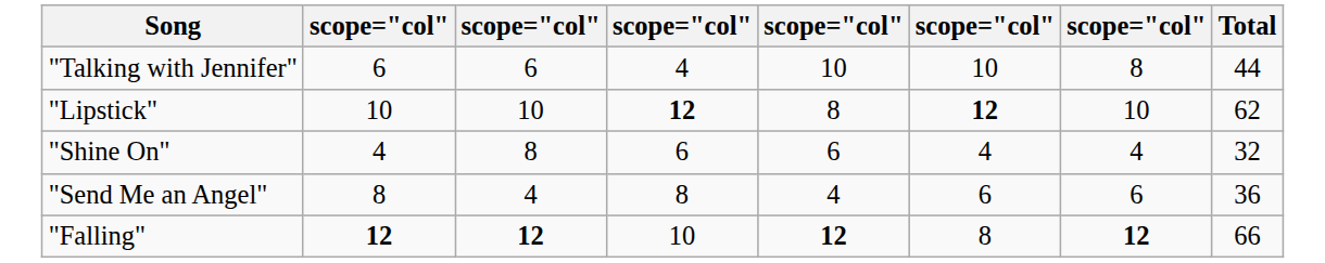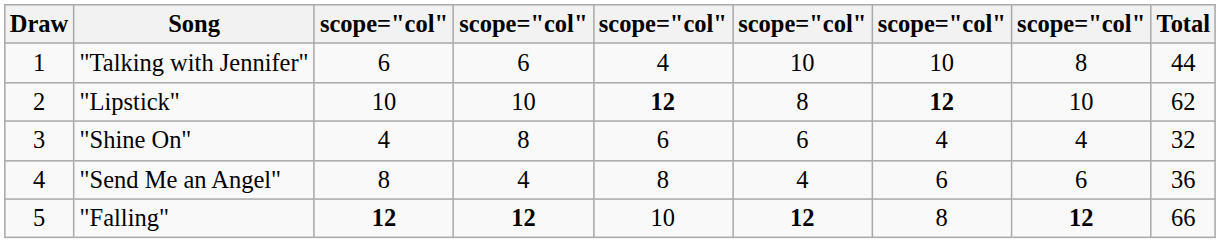 <table class="wikitable collapsible" style="margin: 1em auto 1em auto; text-align:center;">
 <tr>
+<th>Draw</th>
 <th>Song</th>
 <th>scope="col" </th>
 <th>scope="col" </th>
 <th>scope="col" </th>
 <th>scope="col" </th>
 <th>scope="col" </th>
 <th>scope="col" </th>
 <th>Total</th>
 </tr>
 <tr>
+<td>1</td>
 <td align="left">"Talking with Jennifer"</td>
 <td>6</td>
 <td>6</td>
 <td>4</td>
 <td>10</td>
 <td>10</td>
 <td>8</td>
 <td>44</td>
 </tr>
 <tr>
+<td>2</td>
 <td align="left">"Lipstick"</td>
 <td>10</td>
 <td>10</td>
 <td><strong>12</strong></td>
 <td>8</td>
 <td><strong>12</strong></td>
 <td>10</td>
 <td>62</td>
 </tr>
 <tr>
+<td>3</td>
 <td align="left">"Shine On"</td>
 <td>4</td>
 <td>8</td>
 <td>6</td>
 <td>6</td>
 <td>4</td>
 <td>4</td>
 <td>32</td>
 </tr>
 <tr>
+<td>4</td>
 <td align="left">"Send Me an Angel"</td>
 <td>8</td>
 <td>4</td>
 <td>8</td>
 <td>4</td>
 <td>6</td>
 <td>6</td>
 <td>36</td>
 </tr>
 <tr>
+<td>5</td>
 <td align="left">"Falling"</td>
 <td><strong>12</strong></td>
 <td><strong>12</strong></td>
 <td>10</td>
 <td><strong>12</strong></td>
 <td>8</td>
 <td><strong>12</strong></td>
 <td>66</td>
 </tr>
 </table>
